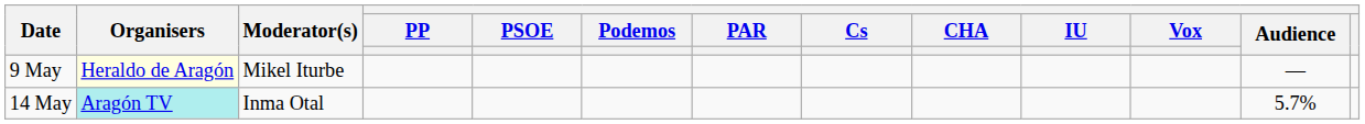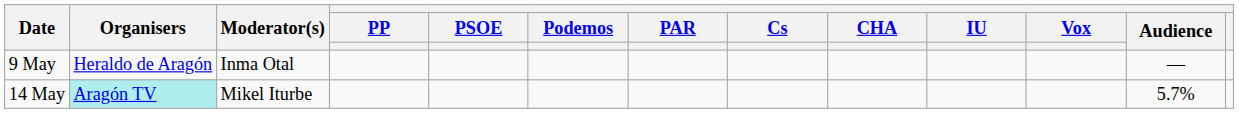 <table class="wikitable" style="text-align:center;">
 <tr>
 <th rowspan="3">Date</th>
 <th rowspan="3">Organisers</th>
 <th rowspan="3">Moderator(s)</th>
 <th colspan="10">  </th>
 </tr>
 <tr>
 <th scope="col" style="width:5em;"><a href='#'>PP</a></th>
 <th scope="col" style="width:5em;"><a href='#'>PSOE</a></th>
 <th scope="col" style="width:5em;"><a href='#'>Podemos</a></th>
 <th scope="col" style="width:5em;"><a href='#'>PAR</a></th>
 <th scope="col" style="width:5em;"><a href='#'>Cs</a></th>
 <th scope="col" style="width:5em;"><a href='#'>CHA</a></th>
 <th scope="col" style="width:5em;"><a href='#'>IU</a></th>
 <th scope="col" style="width:5em;"><a href='#'>Vox</a></th>
 <th rowspan="2" scope="col" style="width:5em;">Audience</th>
 <th rowspan="2"></th>
 </tr>
 <tr>
 <th style="color:inherit;background:"></th>
 <th style="color:inherit;background:"></th>
 <th style="color:inherit;background:"></th>
 <th style="color:inherit;background:"></th>
 <th style="color:inherit;background:"></th>
 <th style="color:inherit;background:"></th>
 <th style="color:inherit;background:"></th>
 <th style="color:inherit;background:"></th>
 </tr>
 <tr>
 <td style="white-space:nowrap; text-align:left;">9 May</td>
-<td style="background: lightyellow; white-space:nowrap; text-align:left;"><a href='#'>Heraldo de Aragón</a></td>
-<td style="white-space:nowrap; text-align:left;">Mikel Iturbe</td>
+<td style="white-space:nowrap; text-align:left;"><a href='#'>Heraldo de Aragón</a></td>
+<td style="white-space:nowrap; text-align:left;">Inma Otal</td>
 <td></td>
 <td></td>
 <td></td>
 <td></td>
 <td></td>
 <td></td>
 <td></td>
 <td></td>
 <td>—</td>
 <td></td>
 </tr>
 <tr>
 <td style="white-space:nowrap; text-align:left;">14 May</td>
 <td style="background: paleturquoise; white-space:nowrap; text-align:left;"><a href='#'>Aragón TV</a></td>
-<td style="white-space:nowrap; text-align:left;">Inma Otal</td>
+<td style="white-space:nowrap; text-align:left;">Mikel Iturbe</td>
 <td></td>
 <td></td>
 <td></td>
 <td></td>
 <td></td>
 <td></td>
 <td></td>
 <td></td>
 <td>5.7%<br></td>
 <td><br></td>
 </tr>
 </table>
